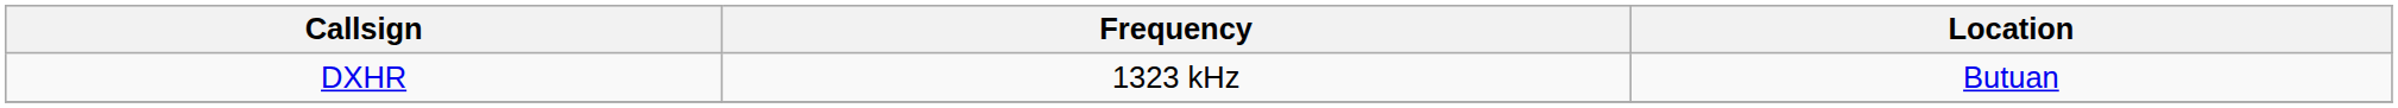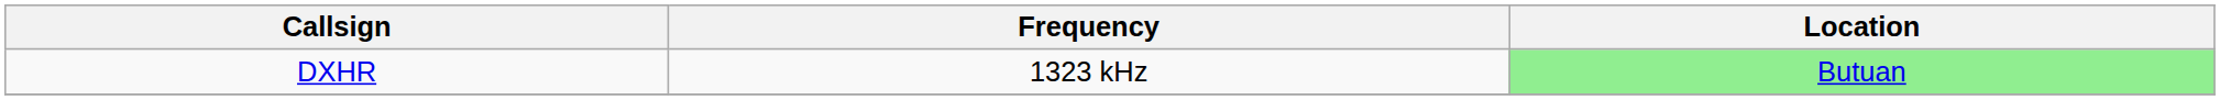 <table class="wikitable" style="width:100%; text-align:center;">
 <tr>
 <th>Callsign</th>
 <th>Frequency</th>
 <th class="unsortable">Location</th>
 </tr>
 <tr>
 <td><a href='#'>DXHR</a></td>
 <td>1323 kHz</td>
-<td><a href='#'>Butuan</a></td>
+<td style="background: lightgreen;"><a href='#'>Butuan</a></td>
 </tr>
 <tr>
 </tr>
 </table>
